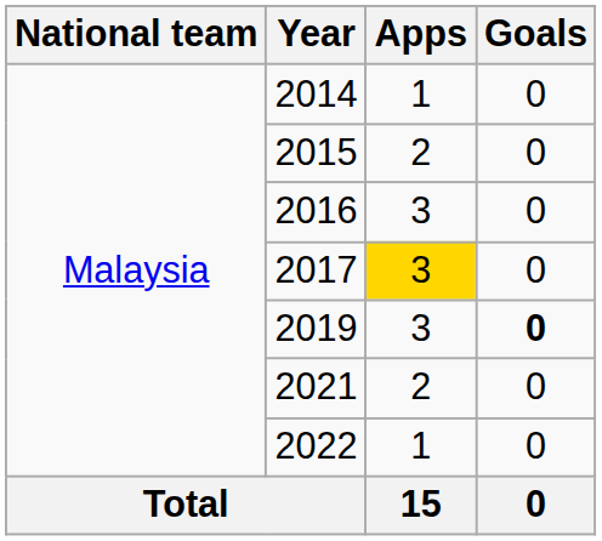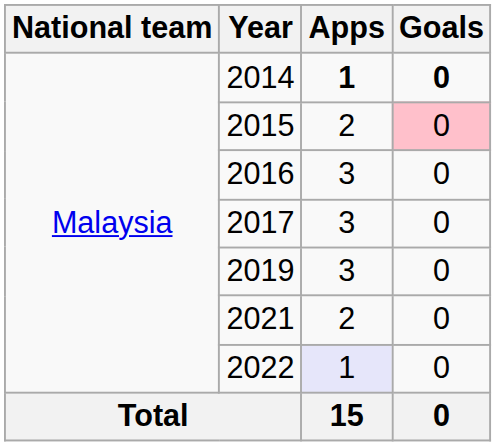 <table class=wikitable style="text-align: center;">
 <tr>
 <th>National team</th>
 <th>Year</th>
 <th>Apps</th>
 <th>Goals</th>
 </tr>
 <tr>
 <td rowspan=7><a href='#'>Malaysia</a></td>
 <td>2014</td>
-<td>1</td>
-<td>0</td>
+<td><strong>1</strong></td>
+<td><strong>0</strong></td>
 </tr>
 <tr>
 <td>2015</td>
 <td>2</td>
-<td>0</td>
+<td style="background: pink;">0</td>
 </tr>
 <tr>
 <td>2016</td>
 <td>3</td>
 <td>0</td>
 </tr>
 <tr>
 <td>2017</td>
-<td style="background: gold;">3</td>
+<td>3</td>
 <td>0</td>
 </tr>
 <tr>
 <td>2019</td>
 <td>3</td>
-<td><strong>0</strong></td>
+<td>0</td>
 </tr>
 <tr>
 <td>2021</td>
 <td>2</td>
 <td>0</td>
 </tr>
 <tr>
 <td>2022</td>
-<td>1</td>
+<td style="background: lavender;">1</td>
 <td>0</td>
 </tr>
 <tr>
 <th colspan=2>Total</th>
 <th>15</th>
 <th>0</th>
 </tr>
 </table>
